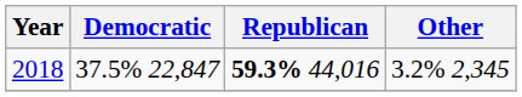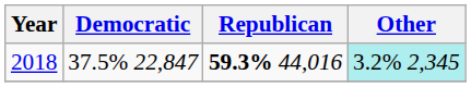 <table class="wikitable" style="float:center; margin:1em; font-size:95%;">
 <tr>
 <th>Year</th>
 <th><a href='#'>Democratic</a></th>
 <th><a href='#'>Republican</a></th>
 <th><a href='#'>Other</a></th>
 </tr>
 <tr>
 <td align="center" ><a href='#'>2018</a></td>
 <td align="center" >37.5% <em>22,847</em></td>
 <td align="center" ><strong>59.3%</strong> <em>44,016</em></td>
-<td align="center" >3.2% <em>2,345</em></td>
+<td align="center"  style="background: paleturquoise;">3.2% <em>2,345</em></td>
 </tr>
 <tr>
 </tr>
 </table>
